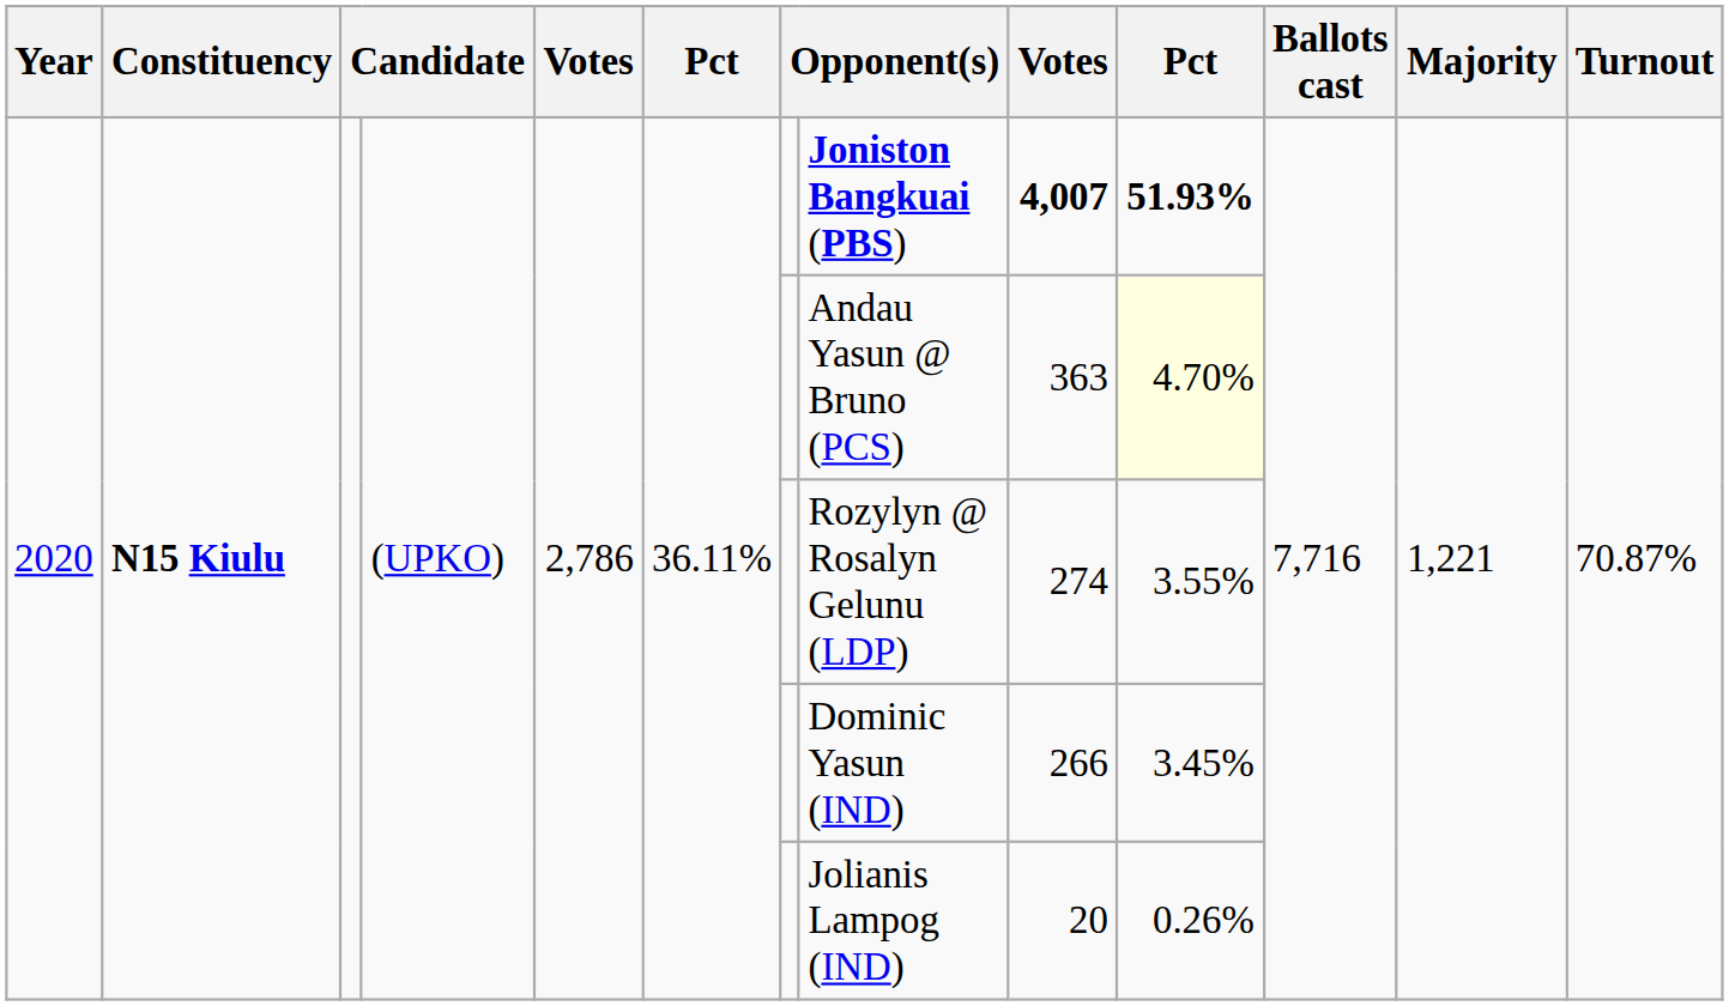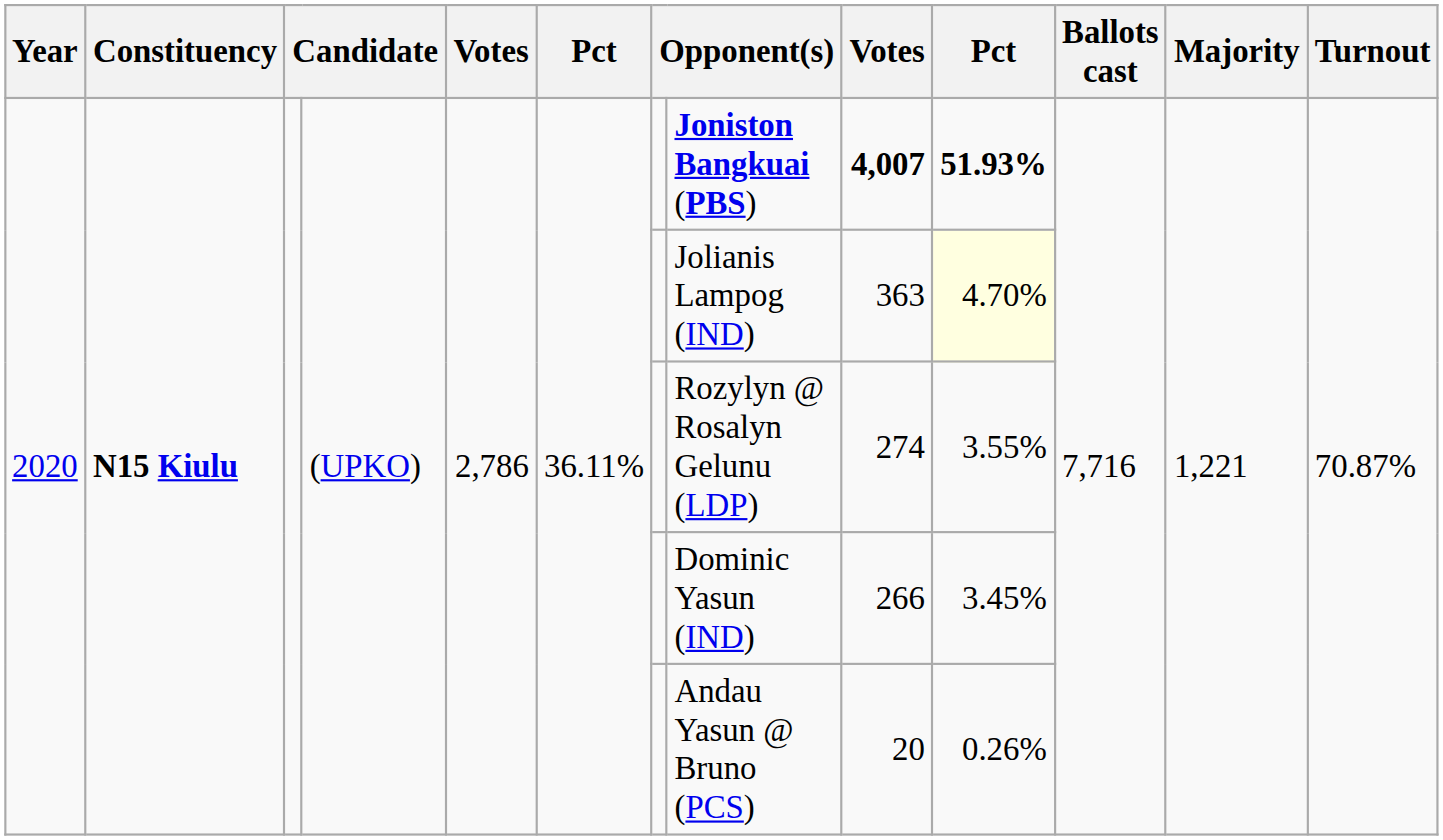 <table class="wikitable" style="margin:0.5em ; font-size:95%">
 <tr>
 <th>Year</th>
 <th>Constituency</th>
 <th colspan=2>Candidate</th>
 <th>Votes</th>
 <th>Pct</th>
 <th colspan=2>Opponent(s)</th>
 <th>Votes</th>
 <th>Pct</th>
 <th>Ballots cast</th>
 <th>Majority</th>
 <th>Turnout</th>
 </tr>
 <tr>
 <td rowspan=5><a href='#'>2020</a></td>
 <td rowspan=5><strong>N15 <a href='#'>Kiulu</a></strong></td>
 <td rowspan=5></td>
 <td rowspan=5> (<a href='#'>UPKO</a>)</td>
 <td rowspan=5 align="right">2,786</td>
 <td rowspan=5>36.11%</td>
 <td></td>
 <td><strong><a href='#'>Joniston Bangkuai</a></strong> (<a href='#'><strong>PBS</strong></a>)</td>
 <td align="right"><strong>4,007</strong></td>
 <td><strong>51.93%</strong></td>
 <td rowspan=5>7,716</td>
 <td rowspan=5>1,221</td>
 <td rowspan=5>70.87%</td>
 </tr>
 <tr>
 <td></td>
-<td>Andau Yasun @ Bruno (<a href='#'>PCS</a>)</td>
+<td>Jolianis Lampog (<a href='#'>IND</a>)</td>
 <td align="right">363</td>
 <td align="right" style="background: lightyellow;">4.70%</td>
 </tr>
 <tr>
 <td></td>
 <td>Rozylyn @ Rosalyn Gelunu (<a href='#'>LDP</a>)</td>
 <td align="right">274</td>
 <td align="right">3.55%</td>
 </tr>
 <tr>
 <td></td>
 <td>Dominic Yasun (<a href='#'>IND</a>)</td>
 <td align="right">266</td>
 <td align="right">3.45%</td>
 </tr>
 <tr>
 <td></td>
-<td>Jolianis Lampog (<a href='#'>IND</a>)</td>
+<td>Andau Yasun @ Bruno (<a href='#'>PCS</a>)</td>
 <td align="right">20</td>
 <td align="right">0.26%</td>
 </tr>
 </table>
